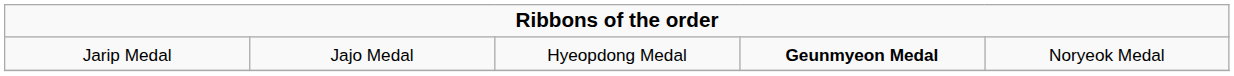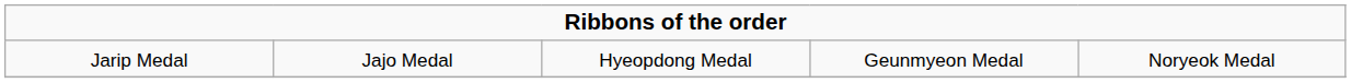 <table align=center class=wikitable width=60%>
 <tr>
 <td colspan=5 align="center"><strong>Ribbons of the order</strong></td>
 </tr>
 <tr>
 <td width=20% valign=top align=center><small>Jarip Medal</small></td>
 <td width=20% valign=top align=center><small>Jajo Medal</small></td>
 <td width=20% valign=top align=center><small>Hyeopdong Medal</small></td>
-<td width=20% valign=top align=center><strong><small>Geunmyeon Medal</small></strong></td>
+<td width=20% valign=top align=center><small>Geunmyeon Medal</small></td>
 <td width=20% valign=top align=center><small>Noryeok Medal</small></td>
 </tr>
 <tr>
 </tr>
 </table>
